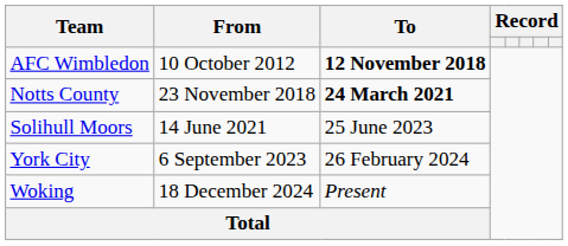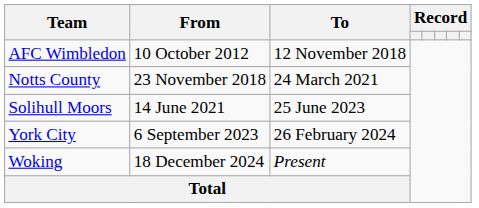 <table class=wikitable style=text-align:center>
 <tr>
 <th rowspan=2>Team</th>
 <th rowspan=2>From</th>
 <th rowspan=2>To</th>
 <th colspan=5>Record</th>
 </tr>
 <tr>
 <th></th>
 <th></th>
 <th></th>
 <th></th>
 <th></th>
 </tr>
 <tr>
 <td align=left><a href='#'>AFC Wimbledon</a></td>
 <td align=left>10 October 2012</td>
-<td align=left><strong>12 November 2018<br></strong></td>
+<td align=left>12 November 2018<br></td>
 </tr>
 <tr>
 <td align=left><a href='#'>Notts County</a></td>
 <td align=left>23 November 2018</td>
-<td align=left><strong>24 March 2021<br></strong></td>
+<td align=left>24 March 2021<br></td>
 </tr>
 <tr>
 <td align=left><a href='#'>Solihull Moors</a></td>
 <td align=left>14 June 2021</td>
 <td align=left>25 June 2023<br></td>
 </tr>
 <tr>
 <td align=left><a href='#'>York City</a></td>
 <td align=left>6 September 2023</td>
 <td align=left>26 February 2024<br></td>
 </tr>
 <tr>
 <td align=left><a href='#'>Woking</a></td>
 <td align=left>18 December 2024</td>
 <td align=left><em>Present</em><br></td>
 </tr>
 <tr>
 <th colspan=3>Total<br></th>
 </tr>
 </table>
